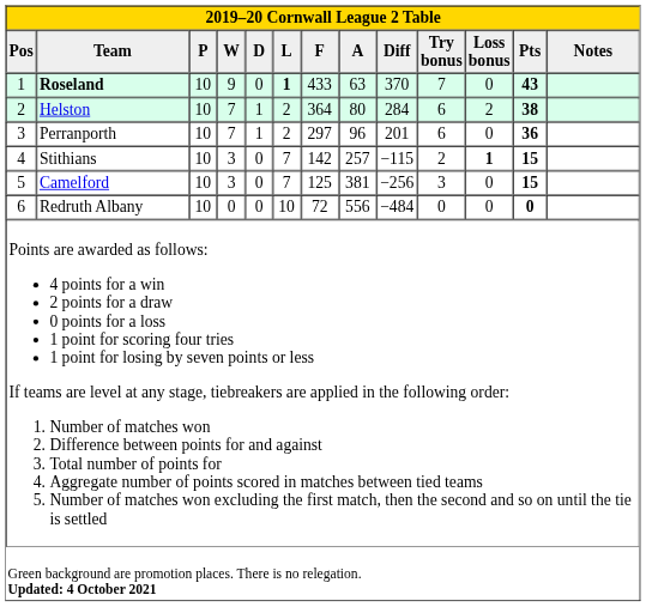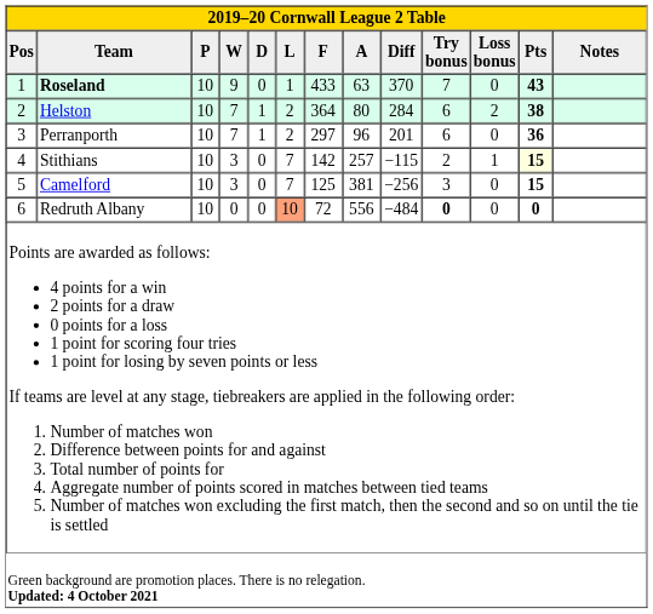 <table border="1" cellpadding="2" cellspacing="0">
 <tr bgcolor="gold">
 <th colspan=13 style="border-right:0px;";>2019–20 Cornwall League 2 Table</th>
 </tr>
 <tr bgcolor="#efefef">
 <th width="20">Pos</th>
 <th width="180">Team</th>
 <th width="25">P</th>
 <th width="25">W</th>
 <th width="25">D</th>
 <th width="25">L</th>
 <th width="35">F</th>
 <th width="35">A</th>
 <th width="35">Diff</th>
 <th width="35">Try bonus</th>
 <th width="35">Loss bonus</th>
 <th width="30">Pts</th>
 <th width="110">Notes</th>
 </tr>
 <tr bgcolor=#d8ffeb align=center>
 <td>1</td>
 <td align=left><strong>Roseland</strong></td>
 <td>10</td>
 <td>9</td>
 <td>0</td>
-<td><strong>1</strong></td>
+<td>1</td>
 <td>433</td>
 <td>63</td>
 <td>370</td>
 <td>7</td>
 <td>0</td>
 <td><strong>43</strong></td>
 <td></td>
 </tr>
 <tr bgcolor=#d8ffeb align=center>
 <td>2</td>
 <td align=left><a href='#'>Helston</a></td>
 <td>10</td>
 <td>7</td>
 <td>1</td>
 <td>2</td>
 <td>364</td>
 <td>80</td>
 <td>284</td>
 <td>6</td>
 <td>2</td>
 <td><strong>38</strong></td>
 <td></td>
 </tr>
 <tr align=center>
 <td>3</td>
 <td align=left>Perranporth</td>
 <td>10</td>
 <td>7</td>
 <td>1</td>
 <td>2</td>
 <td>297</td>
 <td>96</td>
 <td>201</td>
 <td>6</td>
 <td>0</td>
 <td><strong>36</strong></td>
 <td></td>
 </tr>
 <tr align=center>
 <td>4</td>
 <td align=left>Stithians</td>
 <td>10</td>
 <td>3</td>
 <td>0</td>
 <td>7</td>
 <td>142</td>
 <td>257</td>
 <td>−115</td>
 <td>2</td>
-<td><strong>1</strong></td>
-<td><strong>15</strong></td>
+<td>1</td>
+<td style="background: lightyellow;"><strong>15</strong></td>
 <td></td>
 </tr>
 <tr align=center>
 <td>5</td>
 <td align=left><a href='#'>Camelford</a></td>
 <td>10</td>
 <td>3</td>
 <td>0</td>
 <td>7</td>
 <td>125</td>
 <td>381</td>
 <td>−256</td>
 <td>3</td>
 <td>0</td>
 <td><strong>15</strong></td>
 <td></td>
 </tr>
 <tr align=center>
 <td>6</td>
 <td align=left>Redruth Albany</td>
 <td>10</td>
 <td>0</td>
 <td>0</td>
-<td>10</td>
+<td style="background: lightsalmon;">10</td>
 <td>72</td>
 <td>556</td>
 <td>−484</td>
-<td>0</td>
+<td><strong>0</strong></td>
 <td>0</td>
 <td><strong>0</strong></td>
 <td></td>
 </tr>
 <tr>
 </tr>
 <tr bgcolor=#ffffff>
 <td colspan="13"><br>Points are awarded as follows:<ul><li>4 points for a win</li><li>2 points for a draw</li><li>0 points for a loss</li><li>1 point for scoring four tries</li><li>1 point for losing by seven points or less</li></ul>If teams are level at any stage, tiebreakers are applied in the following order:<ol><li>Number of matches won</li><li>Difference between points for and against</li><li>Total number of points for</li><li>Aggregate number of points scored in matches between tied teams</li><li>Number of matches won excluding the first match, then the second and so on until the tie is settled</li></ol></td>
 </tr>
 <tr |align=left|>
 <td colspan="15" style="border:0px;font-size:85%;"><br><span>Green background</span> are promotion places. There is no relegation. <br> <strong>Updated: 4 October 2021</strong></td>
 </tr>
 </table>
